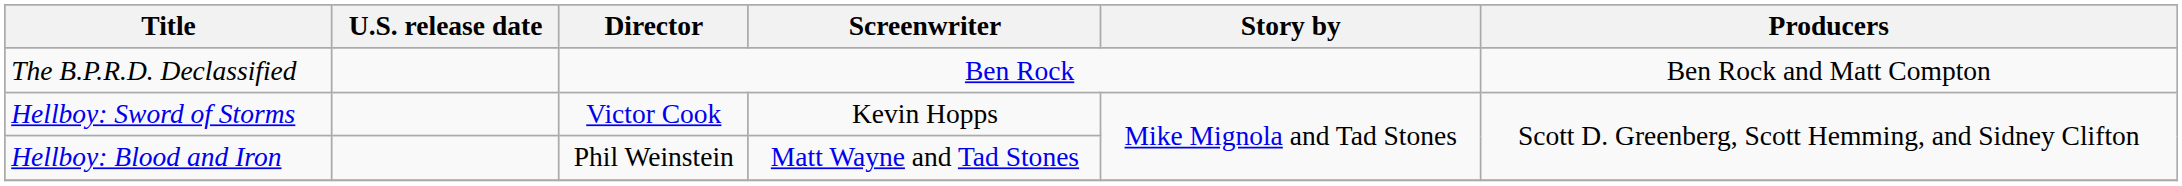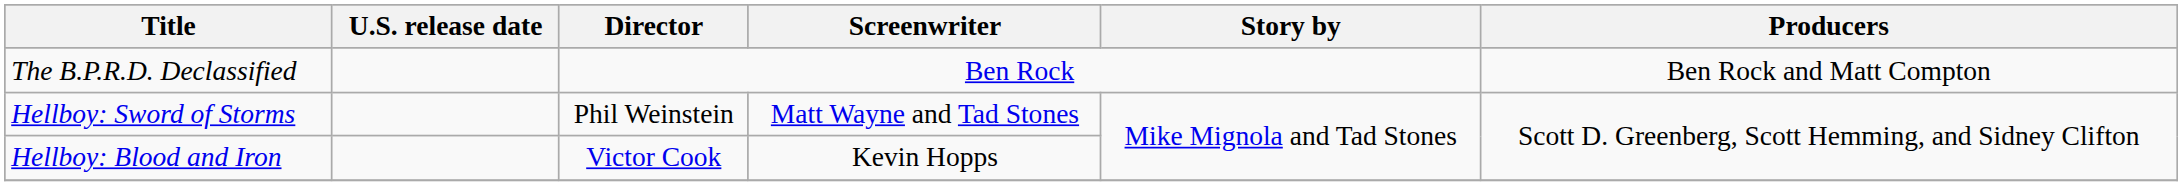 <table class="wikitable plainrowheaders" style="text-align:center" width=100%>
 <tr>
 <th>Title</th>
 <th>U.S. release date</th>
 <th>Director</th>
 <th>Screenwriter</th>
 <th>Story by</th>
 <th>Producers</th>
 </tr>
 <tr>
 <td style="text-align:left"><em>The B.P.R.D. Declassified</em></td>
 <td style="text-align:left"></td>
 <td colspan="3"><a href='#'>Ben Rock</a></td>
 <td>Ben Rock and Matt Compton</td>
 </tr>
 <tr>
 <td style="text-align:left"><em><a href='#'>Hellboy: Sword of Storms</a></em></td>
 <td style="text-align:left"></td>
-<td><a href='#'>Victor Cook</a></td>
-<td>Kevin Hopps</td>
+<td>Phil Weinstein</td>
+<td><a href='#'>Matt Wayne</a> and <a href='#'>Tad Stones</a></td>
 <td rowspan="2"><a href='#'>Mike Mignola</a> and Tad Stones</td>
 <td rowspan="2">Scott D. Greenberg, Scott Hemming, and Sidney Clifton</td>
 </tr>
 <tr>
 <td style="text-align:left"><em><a href='#'>Hellboy: Blood and Iron</a></em></td>
 <td style="text-align:left"></td>
-<td>Phil Weinstein</td>
-<td><a href='#'>Matt Wayne</a> and <a href='#'>Tad Stones</a></td>
+<td><a href='#'>Victor Cook</a></td>
+<td>Kevin Hopps</td>
 </tr>
 <tr>
 </tr>
 </table>
